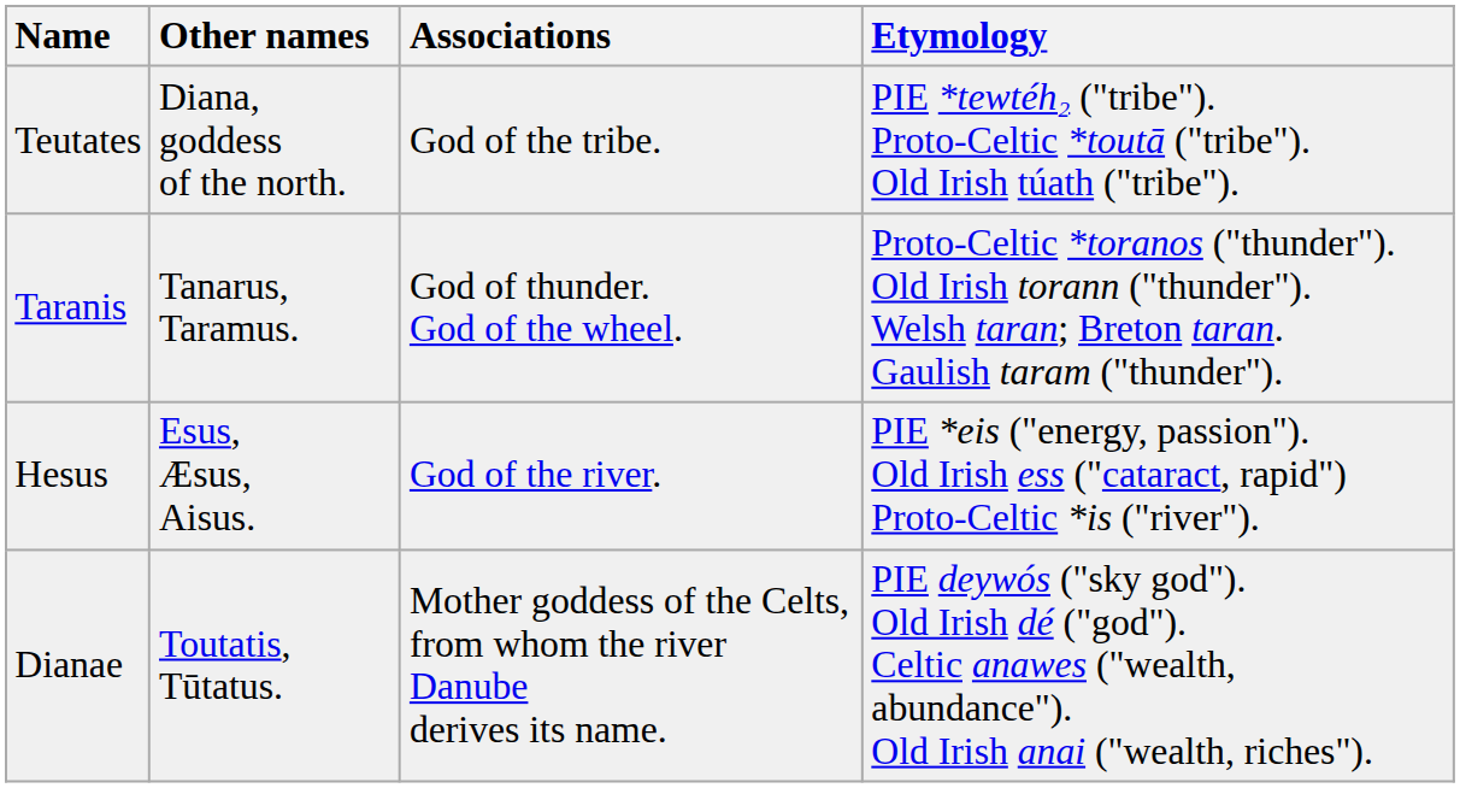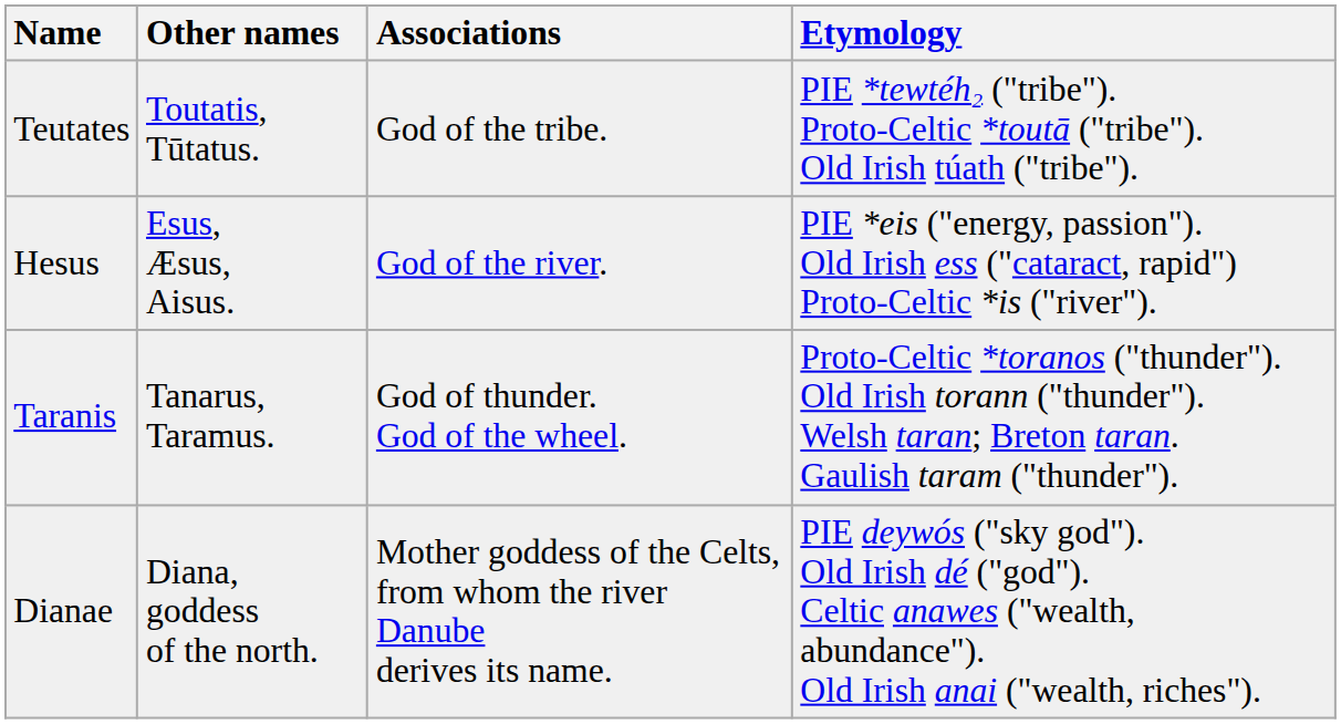 <table class="wikitable sortable" style="border-collapse: collapse; background:#f0f0f0">
 <tr>
 <th style="text-align:left">Name</th>
 <th style="text-align:left">Other names</th>
 <th style="text-align:left">Associations</th>
 <th style="text-align:left"><a href='#'>Etymology</a></th>
 </tr>
 <tr>
 <td>Teutates</td>
-<td>Diana, goddess<br>of the north.</td>
+<td><a href='#'>Toutatis</a>,<br>Tūtatus.</td>
 <td>God of the tribe.</td>
 <td><a href='#'>PIE</a> <a href='#'> <em>*tewtéh₂</em></a> ("tribe").<br><a href='#'>Proto-Celtic</a> <a href='#'> <em>*toutā</em></a> ("tribe").<br><a href='#'>Old Irish</a> <a href='#'>túath</a> ("tribe").</td>
+</tr>
+<tr>
+<td>Hesus</td>
+<td><a href='#'>Esus</a>,<br>Æsus,<br>Aisus.</td>
+<td><a href='#'>God of the river</a>.</td>
+<td><a href='#'>PIE</a> <em>*eis</em> ("energy, passion").<br><a href='#'>Old Irish</a> <a href='#'><em>ess</em></a> ("<a href='#'>cataract</a>, rapid")<br><a href='#'>Proto-Celtic</a> <em>*is</em> ("river").</td>
 </tr>
 <tr>
 <td><a href='#'>Taranis</a></td>
 <td>Tanarus,<br>Taramus.</td>
 <td>God of thunder.<br><a href='#'>God of the wheel</a>.</td>
 <td><a href='#'>Proto-Celtic</a> <a href='#'> <em>*toranos</em></a> ("thunder").<br><a href='#'>Old Irish</a> <em>torann</em> ("thunder").<br><a href='#'>Welsh</a> <a href='#'> <em>taran</em></a>; <a href='#'>Breton</a> <a href='#'><em>taran</em></a>.<br><a href='#'>Gaulish</a> <em>taram</em> ("thunder").</td>
 </tr>
 <tr>
-<td>Hesus</td>
-<td><a href='#'>Esus</a>,<br>Æsus,<br>Aisus.</td>
-<td><a href='#'>God of the river</a>.</td>
-<td><a href='#'>PIE</a> <em>*eis</em> ("energy, passion").<br><a href='#'>Old Irish</a> <a href='#'><em>ess</em></a> ("<a href='#'>cataract</a>, rapid")<br><a href='#'>Proto-Celtic</a> <em>*is</em> ("river").</td>
-</tr>
-<tr>
 <td>Dianae</td>
-<td><a href='#'>Toutatis</a>,<br>Tūtatus.</td>
+<td>Diana, goddess<br>of the north.</td>
 <td>Mother goddess of the Celts,<br>from whom the river <a href='#'>Danube</a><br>derives its name.</td>
 <td><a href='#'>PIE</a> <a href='#'><em>deywós</em></a> ("sky god").<br><a href='#'>Old Irish</a> <a href='#'> <em>dé</em></a> ("god").<br><a href='#'>Celtic</a> <a href='#'><em>anawes</em></a> ("wealth, abundance").<br><a href='#'>Old Irish</a> <a href='#'><em>anai</em></a> ("wealth, riches").</td>
 </tr>
 </table>
